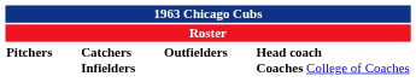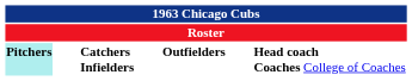 <table class="toccolours" style="font-size: 95%;">
 <tr>
 <th colspan="10" style="background-color: #0e3386; color: white; text-align: center;">1963 Chicago Cubs</th>
 </tr>
 <tr>
 <td colspan="10" style="background-color: #EE1422; color: white; text-align: center;"><strong>Roster</strong></td>
 </tr>
 <tr>
-<td valign="top"><strong>Pitchers</strong><br>              </td>
+<td valign="top" style="background: paleturquoise;"><strong>Pitchers</strong><br>              </td>
 <td width="25px"></td>
 <td valign="top"><strong>Catchers</strong><br>    <strong>Infielders</strong>           </td>
 <td width="25px"></td>
 <td valign="top"><strong>Outfielders</strong><br>     </td>
 <td width="25px"></td>
 <td valign="top"><strong>Head coach</strong><br> <strong>Coaches</strong> <a href='#'>College of Coaches</a></td>
 </tr>
 <tr>
 </tr>
 </table>
